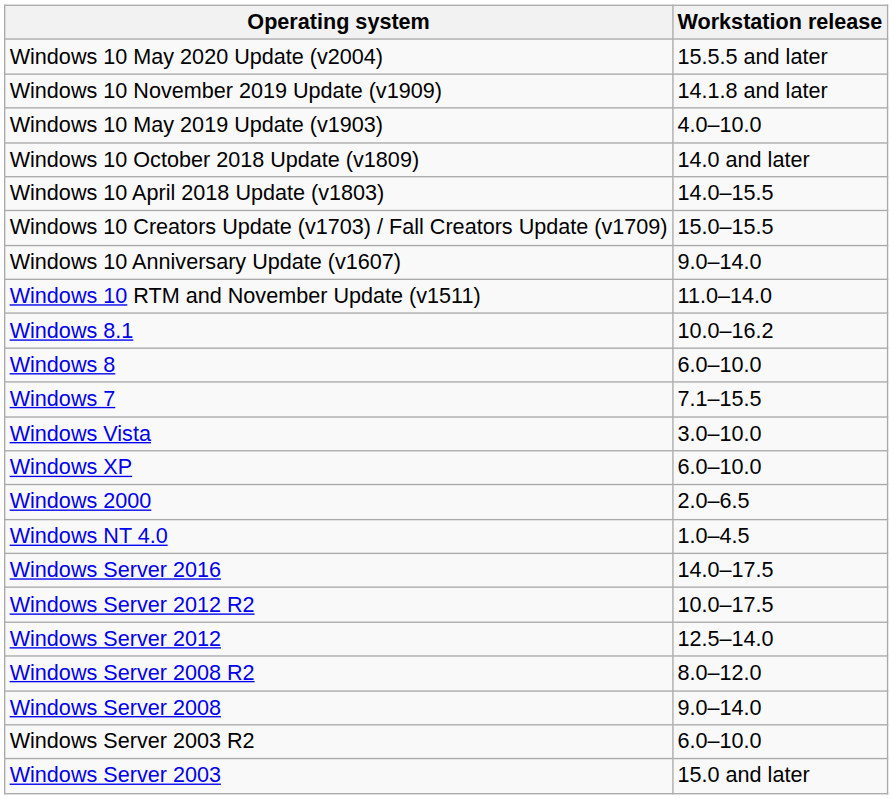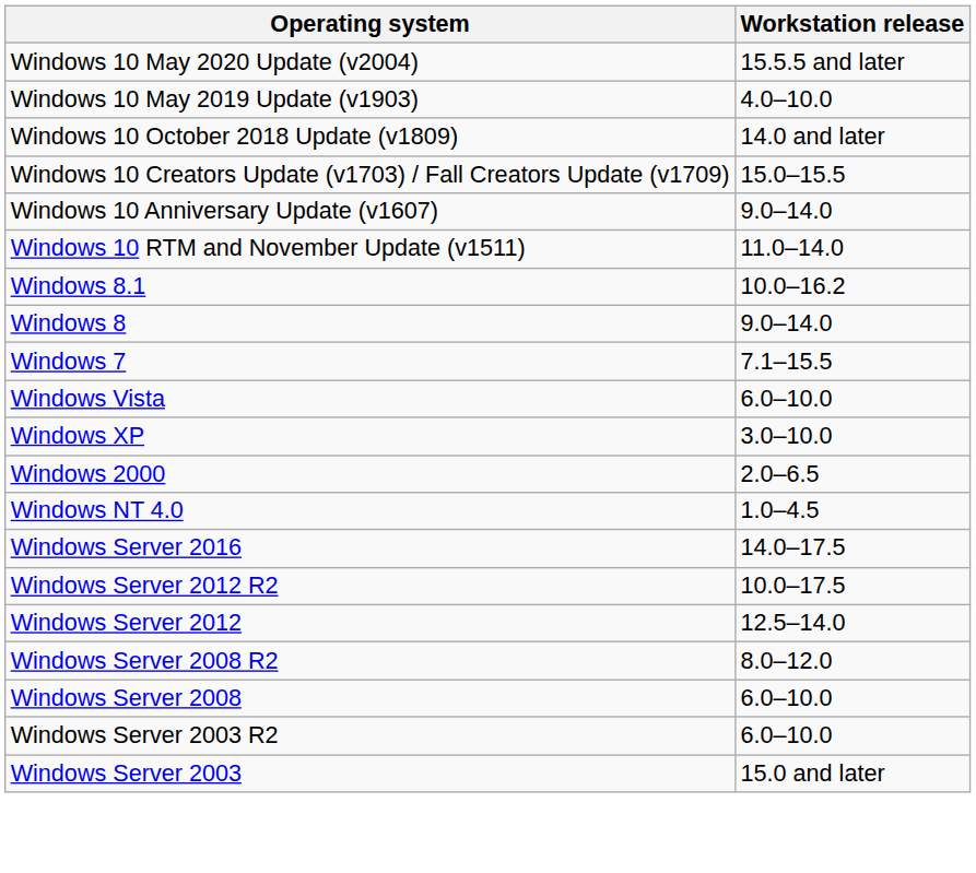 <table class="wikitable" style="display: inline-table;">
 <tr>
 <th>Operating system</th>
 <th>Workstation release</th>
 </tr>
 <tr>
 <td>Windows 10 May 2020 Update (v2004)</td>
 <td>15.5.5 and later</td>
 </tr>
 <tr>
-<td>Windows 10 November 2019 Update (v1909)</td>
-<td>14.1.8 and later</td>
-</tr>
-<tr>
 <td>Windows 10 May 2019 Update (v1903)</td>
 <td>4.0–10.0</td>
 </tr>
 <tr>
 <td>Windows 10 October 2018 Update (v1809)</td>
 <td>14.0 and later</td>
-</tr>
-<tr>
-<td>Windows 10 April 2018 Update (v1803)</td>
-<td>14.0–15.5</td>
 </tr>
 <tr>
 <td>Windows 10 Creators Update (v1703) / Fall Creators Update (v1709)</td>
 <td>15.0–15.5</td>
 </tr>
 <tr>
 <td>Windows 10 Anniversary Update (v1607)</td>
 <td>9.0–14.0</td>
 </tr>
 <tr>
 <td><a href='#'>Windows 10</a> RTM and November Update (v1511)</td>
 <td>11.0–14.0</td>
 </tr>
 <tr>
 <td><a href='#'>Windows 8.1</a></td>
 <td>10.0–16.2</td>
 </tr>
 <tr>
 <td><a href='#'>Windows 8</a></td>
-<td>6.0–10.0</td>
+<td>9.0–14.0</td>
 </tr>
 <tr>
 <td><a href='#'>Windows 7</a></td>
 <td>7.1–15.5</td>
 </tr>
 <tr>
 <td><a href='#'>Windows Vista</a></td>
-<td>3.0–10.0</td>
+<td>6.0–10.0</td>
 </tr>
 <tr>
 <td><a href='#'>Windows XP</a></td>
-<td>6.0–10.0</td>
+<td>3.0–10.0</td>
 </tr>
 <tr>
 <td><a href='#'>Windows 2000</a></td>
 <td>2.0–6.5</td>
 </tr>
 <tr>
 <td><a href='#'>Windows NT 4.0</a></td>
 <td>1.0–4.5</td>
 </tr>
 <tr>
 <td><a href='#'>Windows Server 2016</a></td>
 <td>14.0–17.5</td>
 </tr>
 <tr>
 <td><a href='#'>Windows Server 2012 R2</a></td>
 <td>10.0–17.5</td>
 </tr>
 <tr>
 <td><a href='#'>Windows Server 2012</a></td>
 <td>12.5–14.0</td>
 </tr>
 <tr>
 <td><a href='#'>Windows Server 2008 R2</a></td>
 <td>8.0–12.0</td>
 </tr>
 <tr>
 <td><a href='#'>Windows Server 2008</a></td>
-<td>9.0–14.0</td>
+<td>6.0–10.0</td>
 </tr>
 <tr>
 <td>Windows Server 2003 R2</td>
 <td>6.0–10.0</td>
 </tr>
 <tr>
 <td><a href='#'>Windows Server 2003</a></td>
 <td>15.0 and later</td>
 </tr>
 </table>
